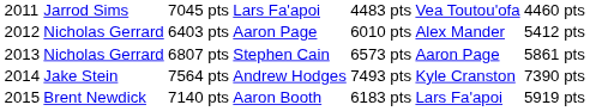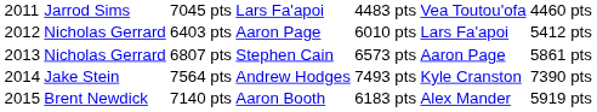 <table>
 <tr>
 <td>2011</td>
 <td><a href='#'>Jarrod Sims</a><br></td>
 <td>7045 pts</td>
 <td><a href='#'>Lars Fa'apoi</a><br></td>
 <td>4483 pts</td>
 <td><a href='#'>Vea Toutou'ofa</a><br></td>
 <td>4460 pts</td>
 </tr>
 <tr>
 <td>2012</td>
 <td><a href='#'>Nicholas Gerrard</a><br></td>
 <td>6403 pts</td>
 <td><a href='#'>Aaron Page</a><br></td>
 <td>6010 pts</td>
-<td><a href='#'>Alex Mander</a><br></td>
+<td><a href='#'>Lars Fa'apoi</a><br></td>
 <td>5412 pts</td>
 </tr>
 <tr>
 <td>2013</td>
 <td><a href='#'>Nicholas Gerrard</a><br></td>
 <td>6807 pts</td>
 <td><a href='#'>Stephen Cain</a><br></td>
 <td>6573 pts</td>
 <td><a href='#'>Aaron Page</a><br></td>
 <td>5861 pts</td>
 </tr>
 <tr>
 <td>2014</td>
 <td><a href='#'>Jake Stein</a><br></td>
 <td>7564 pts</td>
 <td><a href='#'>Andrew Hodges</a><br></td>
 <td>7493 pts</td>
 <td><a href='#'>Kyle Cranston</a><br></td>
 <td>7390 pts</td>
 </tr>
 <tr>
 <td>2015</td>
 <td><a href='#'>Brent Newdick</a><br></td>
 <td>7140 pts</td>
 <td><a href='#'>Aaron Booth</a><br></td>
 <td>6183 pts</td>
-<td><a href='#'>Lars Fa'apoi</a><br></td>
+<td><a href='#'>Alex Mander</a><br></td>
 <td>5919 pts</td>
 </tr>
 </table>
